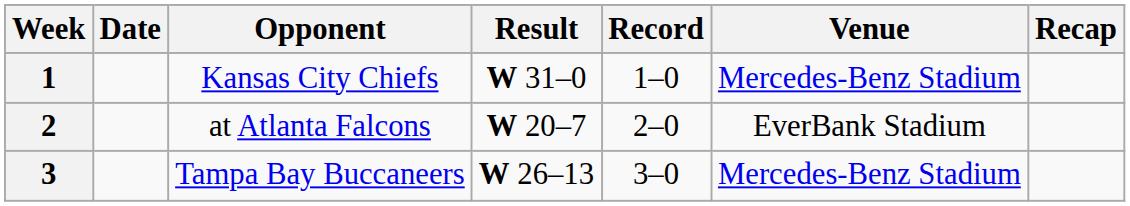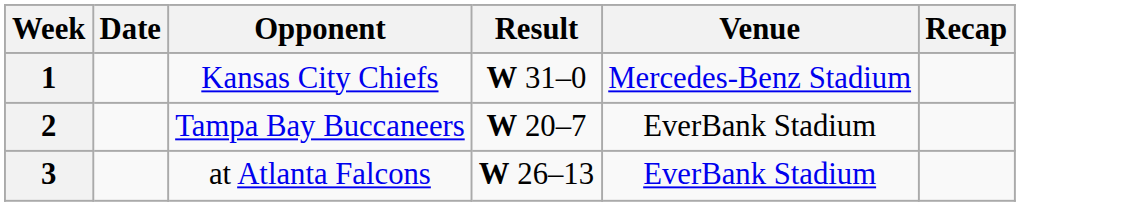 <table class="wikitable" style="text-align:center">
 <tr>
 <th>Week</th>
 <th>Date</th>
 <th>Opponent</th>
 <th>Result</th>
-<th>Record</th>
 <th>Venue</th>
 <th>Recap</th>
 </tr>
 <tr>
 <th>1</th>
 <td></td>
 <td><a href='#'>Kansas City Chiefs</a></td>
 <td><strong>W</strong> 31–0</td>
-<td>1–0</td>
 <td><a href='#'>Mercedes-Benz Stadium</a></td>
 <td></td>
 </tr>
 <tr>
 <th>2</th>
 <td></td>
-<td>at <a href='#'>Atlanta Falcons</a></td>
+<td><a href='#'>Tampa Bay Buccaneers</a></td>
 <td><strong>W</strong> 20–7</td>
-<td>2–0</td>
 <td>EverBank Stadium</td>
 <td></td>
 </tr>
 <tr>
 <th>3</th>
 <td></td>
-<td><a href='#'>Tampa Bay Buccaneers</a></td>
+<td>at <a href='#'>Atlanta Falcons</a></td>
 <td><strong>W</strong> 26–13</td>
-<td>3–0</td>
-<td><a href='#'>Mercedes-Benz Stadium</a></td>
+<td><a href='#'>EverBank Stadium</a></td>
 <td></td>
 </tr>
 </table>
